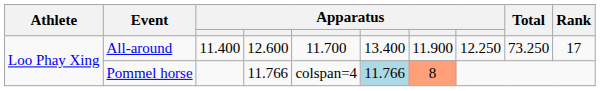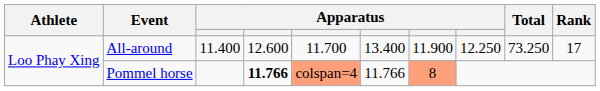 <table class="wikitable" style="font-size:90%">
 <tr>
 <th rowspan=2>Athlete</th>
 <th rowspan=2>Event</th>
 <th colspan=6>Apparatus</th>
 <th rowspan=2>Total</th>
 <th rowspan=2>Rank</th>
 </tr>
 <tr style="font-size:95%">
 <th></th>
 <th></th>
 <th></th>
 <th></th>
 <th></th>
 <th></th>
 </tr>
 <tr align=center>
 <td align=left rowspan=2><a href='#'>Loo Phay Xing</a></td>
 <td align=left><a href='#'>All-around</a></td>
 <td>11.400</td>
 <td>12.600</td>
 <td>11.700</td>
 <td>13.400</td>
 <td>11.900</td>
 <td>12.250</td>
 <td>73.250</td>
 <td>17</td>
 </tr>
 <tr align=center>
 <td align=left><a href='#'>Pommel horse</a></td>
 <td></td>
+<td><strong>11.766</strong></td>
+<td style="background: lightsalmon;">colspan=4 </td>
 <td>11.766</td>
-<td>colspan=4 </td>
-<td style="background: lightblue;">11.766</td>
 <td style="background: lightsalmon;">8</td>
 </tr>
 </table>
